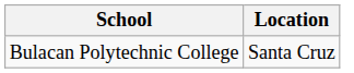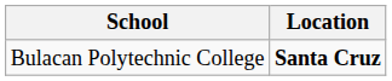 <table class="wikitable" style="text-align:center;">
 <tr>
 <th>School</th>
 <th>Location</th>
 </tr>
 <tr>
 <td>Bulacan Polytechnic College</td>
-<td>Santa Cruz</td>
+<td><strong>Santa Cruz</strong></td>
 </tr>
 </table>
